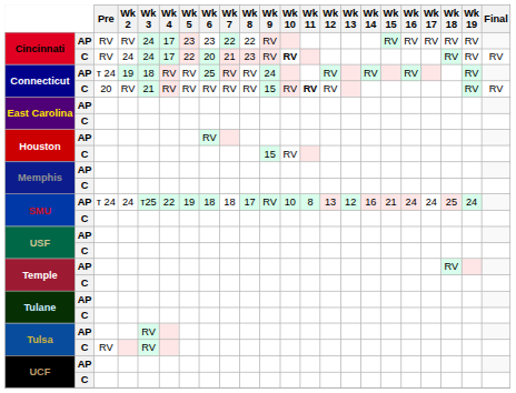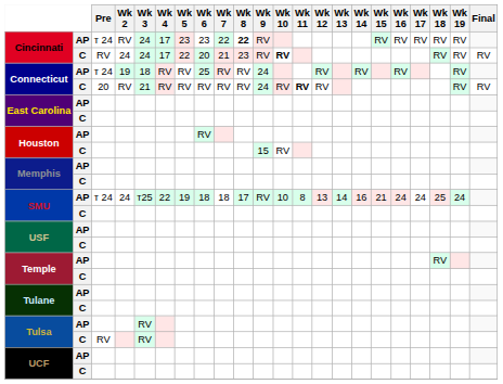 <table class="wikitable" style="white-space:nowrap;font-size:90%;">
 <tr>
 <th colspan=2 style="background:white; border-top-style:hidden; border-left-style:hidden;"> </th>
 <th>Pre</th>
 <th>Wk<br>2</th>
 <th>Wk<br>3</th>
 <th>Wk<br>4</th>
 <th>Wk<br>5</th>
 <th>Wk<br>6</th>
 <th>Wk<br>7</th>
 <th>Wk<br>8</th>
 <th>Wk<br>9</th>
 <th>Wk<br>10</th>
 <th>Wk<br>11</th>
 <th>Wk<br>12</th>
 <th>Wk<br>13</th>
 <th>Wk<br>14</th>
 <th>Wk<br>15</th>
 <th>Wk<br>16</th>
 <th>Wk<br>17</th>
 <th>Wk<br>18</th>
 <th>Wk<br>19</th>
 <th>Final</th>
 </tr>
 <tr style="text-align:center;">
 <th rowspan=2 style="background:#e00122; color:#000000;">Cincinnati</th>
 <th>AP</th>
-<td style="background:#FFF;">RV</td>
+<td style="background:#FFF;">т 24</td>
 <td style="background:#FFF;">RV</td>
 <td style="background:#D8FFEB;">24</td>
 <td style="background:#D8FFEB;">17</td>
 <td style="background:#FFE6E6;">23</td>
 <td style="background:#FFF;">23</td>
 <td style="background:#D8FFEB;">22</td>
-<td style="background:#FFF;">22</td>
+<td style="background:#FFF;"><strong>22</strong></td>
 <td style="background:#FFE6E6;">RV</td>
 <td style="background:#FFE6E6;"></td>
 <td style="background:#FFF;"></td>
 <td style="background:#FFF;"></td>
 <td style="background:#FFF;"></td>
 <td style="background:#FFF;"></td>
 <td style="background:#D8FFEB;">RV</td>
 <td style="background:#FFF;">RV</td>
 <td style="background:#FFF;">RV</td>
 <td style="background:#FFF;">RV</td>
 <td style="background:#FFF;">RV</td>
 <td style="background:#gray;"></td>
 </tr>
 <tr style="text-align:center;">
 <th>C</th>
 <td style="background:#FFF;">RV</td>
 <td style="background:#FFF;">24</td>
 <td style="background:#D8FFEB;">24</td>
 <td style="background:#D8FFEB;">17</td>
 <td style="background:#FFE6E6;">22</td>
 <td style="background:#D8FFEB;">20</td>
 <td style="background:#FFE6E6;">21</td>
 <td style="background:#FFE6E6;">23</td>
 <td style="background:#FFE6E6;">RV</td>
 <td style="background:#FFF;"><strong>RV</strong></td>
 <td style="background:#FFE6E6;"></td>
 <td style="background:#FFF;"></td>
 <td style="background:#FFF;"></td>
 <td style="background:#FFF;"></td>
 <td style="background:#FFF;"></td>
 <td style="background:#FFF;"></td>
 <td style="background:#FFF;"></td>
 <td style="background:#D8FFEB;">RV</td>
 <td style="background:#FFF;">RV</td>
 <td style="background:#FFF;">RV</td>
 </tr>
 <tr style="text-align:center;">
 <th rowspan=2 style="background:darkblue; color:#FFFFFF;">Connecticut</th>
 <th>AP</th>
 <td style="background:#FFF;">т 24</td>
 <td style="background:#D8FFEB;">19</td>
 <td style="background:#D8FFEB;">18</td>
 <td style="background:#FFE6E6;">RV</td>
 <td style="background:#FFF;">RV</td>
 <td style="background:#D8FFEB;">25</td>
 <td style="background:#FFE6E6;">RV</td>
 <td style="background:#FFF;">RV</td>
 <td style="background:#D8FFEB;">24</td>
 <td style="background:#FFE6E6;"></td>
 <td style="background:#FFF;"></td>
 <td style="background:#D8FFEB;">RV</td>
 <td style="background:#FFE6E6;"></td>
 <td style="background:#D8FFEB;">RV</td>
 <td style="background:#FFE6E6;"></td>
 <td style="background:#D8FFEB;">RV</td>
 <td style="background:#FFE6E6;"></td>
 <td style="background:#FFF;"></td>
 <td style="background:#D8FFEB;">RV</td>
 <td style="background:#gray;"></td>
 </tr>
 <tr style="text-align:center;">
 <th>C</th>
 <td style="background:#FFF;">20</td>
 <td style="background:#FFF;">RV</td>
 <td style="background:#D8FFEB;">21</td>
 <td style="background:#FFE6E6;">RV</td>
 <td style="background:#FFF;">RV</td>
 <td style="background:#FFF;">RV</td>
 <td style="background:#FFF;">RV</td>
 <td style="background:#FFF;">RV</td>
-<td style="background:#D8FFEB;">15</td>
+<td style="background:#D8FFEB;">24</td>
 <td style="background:#FFE6E6;">RV</td>
 <td style="background:#FFF;"><strong>RV</strong></td>
 <td style="background:#FFF;">RV</td>
 <td style="background:#FFE6E6;"></td>
 <td style="background:#FFF;"></td>
 <td style="background:#FFF;"></td>
 <td style="background:#FFF;"></td>
 <td style="background:#FFF;"></td>
 <td style="background:#FFF;"></td>
 <td style="background:#D8FFEB;">RV</td>
 <td style="background:#FFF;">RV</td>
 </tr>
 <tr style="text-align:center;">
 <th rowspan=2 style="background:#4F0076; color:#FFE600;">East Carolina</th>
 <th>AP</th>
 <td style="background:#FFF;"></td>
 <td style="background:#FFF;"></td>
 <td style="background:#FFF;"></td>
 <td style="background:#FFF;"></td>
 <td style="background:#FFF;"></td>
 <td style="background:#FFF;"></td>
 <td style="background:#FFF;"></td>
 <td style="background:#FFF;"></td>
 <td style="background:#FFF;"></td>
 <td style="background:#FFF;"></td>
 <td style="background:#FFF;"></td>
 <td style="background:#FFF;"></td>
 <td style="background:#FFF;"></td>
 <td style="background:#FFF;"></td>
 <td style="background:#FFF;"></td>
 <td style="background:#FFF;"></td>
 <td style="background:#FFF;"></td>
 <td style="background:#FFF;"></td>
 <td style="background:#FFF;"></td>
 <td style="background:#gray;"></td>
 </tr>
 <tr style="text-align:center;">
 <th>C</th>
 <td style="background:#FFF;"></td>
 <td style="background:#FFF;"></td>
 <td style="background:#FFF;"></td>
 <td style="background:#FFF;"></td>
 <td style="background:#FFF;"></td>
 <td style="background:#FFF;"></td>
 <td style="background:#FFF;"></td>
 <td style="background:#FFF;"></td>
 <td style="background:#FFF;"></td>
 <td style="background:#FFF;"></td>
 <td style="background:#FFF;"></td>
 <td style="background:#FFF;"></td>
 <td style="background:#FFF;"></td>
 <td style="background:#FFF;"></td>
 <td style="background:#FFF;"></td>
 <td style="background:#FFF;"></td>
 <td style="background:#FFF;"></td>
 <td style="background:#FFF;"></td>
 <td style="background:#FFF;"></td>
 <td style="background:#FFF;"></td>
 </tr>
 <tr style="text-align:center;">
 <th rowspan=2 style="background:#CC0000; color:#FFFFFF;">Houston</th>
 <th>AP</th>
 <td style="background:#FFF;"></td>
 <td style="background:#FFF;"></td>
 <td style="background:#FFF;"></td>
 <td style="background:#FFF;"></td>
 <td style="background:#FFF;"></td>
 <td style="background:#D8FFEB;">RV</td>
 <td style="background:#FFE6E6;"></td>
 <td style="background:#FFF;"></td>
 <td style="background:#FFF;"></td>
 <td style="background:#FFF;"></td>
 <td style="background:#FFF;"></td>
 <td style="background:#FFF;"></td>
 <td style="background:#FFF;"></td>
 <td style="background:#FFF;"></td>
 <td style="background:#FFF;"></td>
 <td style="background:#FFF;"></td>
 <td style="background:#FFF;"></td>
 <td style="background:#FFF;"></td>
 <td style="background:#FFF;"></td>
 <td style="background:#gray;"></td>
 </tr>
 <tr style="text-align:center;">
 <th>C</th>
 <td style="background:#FFF;"></td>
 <td style="background:#FFF;"></td>
 <td style="background:#FFF;"></td>
 <td style="background:#FFF;"></td>
 <td style="background:#FFF;"></td>
 <td style="background:#FFF;"></td>
 <td style="background:#FFF;"></td>
 <td style="background:#FFF;"></td>
 <td style="background:#D8FFEB;">15</td>
 <td style="background:#FFF;">RV</td>
 <td style="background:#FFE6E6;"></td>
 <td style="background:#FFF;"></td>
 <td style="background:#FFF;"></td>
 <td style="background:#FFF;"></td>
 <td style="background:#FFF;"></td>
 <td style="background:#FFF;"></td>
 <td style="background:#FFF;"></td>
 <td style="background:#FFF;"></td>
 <td style="background:#FFF;"></td>
 <td style="background:#FFF;"></td>
 </tr>
 <tr style="text-align:center;">
 <th rowspan=2 style="background:#0C1C8C; color:#8E9295;">Memphis</th>
 <th>AP</th>
 <td style="background:#FFF;"></td>
 <td style="background:#FFF;"></td>
 <td style="background:#FFF;"></td>
 <td style="background:#FFF;"></td>
 <td style="background:#FFF;"></td>
 <td style="background:#FFF;"></td>
 <td style="background:#FFF;"></td>
 <td style="background:#FFF;"></td>
 <td style="background:#FFF;"></td>
 <td style="background:#FFF;"></td>
 <td style="background:#FFF;"></td>
 <td style="background:#FFF;"></td>
 <td style="background:#FFF;"></td>
 <td style="background:#FFF;"></td>
 <td style="background:#FFF;"></td>
 <td style="background:#FFF;"></td>
 <td style="background:#FFF;"></td>
 <td style="background:#FFF;"></td>
 <td style="background:#FFF;"></td>
 <td style="background:#gray;"></td>
 </tr>
 <tr style="text-align:center;">
 <th>C</th>
 <td style="background:#FFF;"></td>
 <td style="background:#FFF;"></td>
 <td style="background:#FFF;"></td>
 <td style="background:#FFF;"></td>
 <td style="background:#FFF;"></td>
 <td style="background:#FFF;"></td>
 <td style="background:#FFF;"></td>
 <td style="background:#FFF;"></td>
 <td style="background:#FFF;"></td>
 <td style="background:#FFF;"></td>
 <td style="background:#FFF;"></td>
 <td style="background:#FFF;"></td>
 <td style="background:#FFF;"></td>
 <td style="background:#FFF;"></td>
 <td style="background:#FFF;"></td>
 <td style="background:#FFF;"></td>
 <td style="background:#FFF;"></td>
 <td style="background:#FFF;"></td>
 <td style="background:#FFF;"></td>
 <td style="background:#FFF;"></td>
 </tr>
 <tr style="text-align:center;">
 <th rowspan=2 style="background:#0038A8; color:#CE1126;">SMU</th>
 <th>AP</th>
 <td style="background:#FFF;">т 24</td>
 <td style="background:#FFF;">24</td>
 <td style="background:#D8FFEB;">т25</td>
 <td style="background:#D8FFEB;">22</td>
 <td style="background:#D8FFEB;">19</td>
 <td style="background:#D8FFEB;">18</td>
 <td style="background:#FFF;">18</td>
 <td style="background:#D8FFEB;">17</td>
 <td style="background:#D8FFEB;">RV</td>
 <td style="background:#D8FFEB;">10</td>
 <td style="background:#D8FFEB;">8</td>
 <td style="background:#FFE6E6;">13</td>
-<td style="background:#D8FFEB;">12</td>
+<td style="background:#D8FFEB;">14</td>
 <td style="background:#FFE6E6;">16</td>
 <td style="background:#FFE6E6;">21</td>
 <td style="background:#FFE6E6;">24</td>
 <td style="background:#FFF;">24</td>
 <td style="background:#FFE6E6;">25</td>
 <td style="background:#D8FFEB;">24</td>
 <td style="background:#gray;"></td>
 </tr>
 <tr style="text-align:center;">
 <th>C</th>
 <td style="background:#FFF;"></td>
 <td style="background:#FFF;"></td>
 <td style="background:#FFF;"></td>
 <td style="background:#FFF;"></td>
 <td style="background:#FFF;"></td>
 <td style="background:#FFF;"></td>
 <td style="background:#FFF;"></td>
 <td style="background:#FFF;"></td>
 <td style="background:#FFF;"></td>
 <td style="background:#FFF;"></td>
 <td style="background:#FFF;"></td>
 <td style="background:#FFF;"></td>
 <td style="background:#FFF;"></td>
 <td style="background:#FFF;"></td>
 <td style="background:#FFF;"></td>
 <td style="background:#FFF;"></td>
 <td style="background:#FFF;"></td>
 <td style="background:#FFF;"></td>
 <td style="background:#FFF;"></td>
 <td style="background:#FFF;"></td>
 </tr>
 <tr style="text-align:center;">
 <th rowspan=2 style="background:#006747; color:#CFC493;">USF</th>
 <th>AP</th>
 <td style="background:#FFF;"></td>
 <td style="background:#FFF;"></td>
 <td style="background:#FFF;"></td>
 <td style="background:#FFF;"></td>
 <td style="background:#FFF;"></td>
 <td style="background:#FFF;"></td>
 <td style="background:#FFF;"></td>
 <td style="background:#FFF;"></td>
 <td style="background:#FFF;"></td>
 <td style="background:#FFF;"></td>
 <td style="background:#FFF;"></td>
 <td style="background:#FFF;"></td>
 <td style="background:#FFF;"></td>
 <td style="background:#FFF;"></td>
 <td style="background:#FFF;"></td>
 <td style="background:#FFF;"></td>
 <td style="background:#FFF;"></td>
 <td style="background:#FFF;"></td>
 <td style="background:#FFF;"></td>
 <td style="background:#gray;"></td>
 </tr>
 <tr style="text-align:center;">
 <th>C</th>
 <td style="background:#FFF;"></td>
 <td style="background:#FFF;"></td>
 <td style="background:#FFF;"></td>
 <td style="background:#FFF;"></td>
 <td style="background:#FFF;"></td>
 <td style="background:#FFF;"></td>
 <td style="background:#FFF;"></td>
 <td style="background:#FFF;"></td>
 <td style="background:#FFF;"></td>
 <td style="background:#FFF;"></td>
 <td style="background:#FFF;"></td>
 <td style="background:#FFF;"></td>
 <td style="background:#FFF;"></td>
 <td style="background:#FFF;"></td>
 <td style="background:#FFF;"></td>
 <td style="background:#FFF;"></td>
 <td style="background:#FFF;"></td>
 <td style="background:#FFF;"></td>
 <td style="background:#FFF;"></td>
 <td style="background:#FFF;"></td>
 </tr>
 <tr style="text-align:center;">
 <th rowspan=2 style="background:#9d1a33; color:#FFFFFF;">Temple</th>
 <th>AP</th>
 <td style="background:#FFF;"></td>
 <td style="background:#FFF;"></td>
 <td style="background:#FFF;"></td>
 <td style="background:#FFF;"></td>
 <td style="background:#FFF;"></td>
 <td style="background:#FFF;"></td>
 <td style="background:#FFF;"></td>
 <td style="background:#FFF;"></td>
 <td style="background:#FFF;"></td>
 <td style="background:#FFF;"></td>
 <td style="background:#FFF;"></td>
 <td style="background:#FFF;"></td>
 <td style="background:#FFF;"></td>
 <td style="background:#FFF;"></td>
 <td style="background:#FFF;"></td>
 <td style="background:#FFF;"></td>
 <td style="background:#FFF;"></td>
 <td style="background:#D8FFEB;">RV</td>
 <td style="background:#FFE6E6;"></td>
 <td style="background:#gray;"></td>
 </tr>
 <tr style="text-align:center;">
 <th>C</th>
 <td style="background:#FFF;"></td>
 <td style="background:#FFF;"></td>
 <td style="background:#FFF;"></td>
 <td style="background:#FFF;"></td>
 <td style="background:#FFF;"></td>
 <td style="background:#FFF;"></td>
 <td style="background:#FFF;"></td>
 <td style="background:#FFF;"></td>
 <td style="background:#FFF;"></td>
 <td style="background:#FFF;"></td>
 <td style="background:#FFF;"></td>
 <td style="background:#FFF;"></td>
 <td style="background:#FFF;"></td>
 <td style="background:#FFF;"></td>
 <td style="background:#FFF;"></td>
 <td style="background:#FFF;"></td>
 <td style="background:#FFF;"></td>
 <td style="background:#FFF;"></td>
 <td style="background:#FFF;"></td>
 <td style="background:#FFF;"></td>
 </tr>
 <tr style="text-align:center;">
 <th rowspan=2 style="background:#063003; color:#CCEEFF;">Tulane</th>
 <th>AP</th>
 <td style="background:#FFF;"></td>
 <td style="background:#FFF;"></td>
 <td style="background:#FFF;"></td>
 <td style="background:#FFF;"></td>
 <td style="background:#FFF;"></td>
 <td style="background:#FFF;"></td>
 <td style="background:#FFF;"></td>
 <td style="background:#FFF;"></td>
 <td style="background:#FFF;"></td>
 <td style="background:#FFF;"></td>
 <td style="background:#FFF;"></td>
 <td style="background:#FFF;"></td>
 <td style="background:#FFF;"></td>
 <td style="background:#FFF;"></td>
 <td style="background:#FFF;"></td>
 <td style="background:#FFF;"></td>
 <td style="background:#FFF;"></td>
 <td style="background:#FFF;"></td>
 <td style="background:#FFF;"></td>
 <td style="background:#gray;"></td>
 </tr>
 <tr style="text-align:center;">
 <th>C</th>
 <td style="background:#FFF;"></td>
 <td style="background:#FFF;"></td>
 <td style="background:#FFF;"></td>
 <td style="background:#FFF;"></td>
 <td style="background:#FFF;"></td>
 <td style="background:#FFF;"></td>
 <td style="background:#FFF;"></td>
 <td style="background:#FFF;"></td>
 <td style="background:#FFF;"></td>
 <td style="background:#FFF;"></td>
 <td style="background:#FFF;"></td>
 <td style="background:#FFF;"></td>
 <td style="background:#FFF;"></td>
 <td style="background:#FFF;"></td>
 <td style="background:#FFF;"></td>
 <td style="background:#FFF;"></td>
 <td style="background:#FFF;"></td>
 <td style="background:#FFF;"></td>
 <td style="background:#FFF;"></td>
 <td style="background:#FFF;"></td>
 </tr>
 <tr style="text-align:center;">
 <th rowspan=2 style="background:#084c9e; color:#CFB53B;">Tulsa</th>
 <th>AP</th>
 <td style="background:#FFF;"></td>
 <td style="background:#FFF;"></td>
 <td style="background:#D8FFEB;">RV</td>
 <td style="background:#FFE6E6;"></td>
 <td style="background:#FFF;"></td>
 <td style="background:#FFF;"></td>
 <td style="background:#FFF;"></td>
 <td style="background:#FFF;"></td>
 <td style="background:#FFF;"></td>
 <td style="background:#FFF;"></td>
 <td style="background:#FFF;"></td>
 <td style="background:#FFF;"></td>
 <td style="background:#FFF;"></td>
 <td style="background:#FFF;"></td>
 <td style="background:#FFF;"></td>
 <td style="background:#FFF;"></td>
 <td style="background:#FFF;"></td>
 <td style="background:#FFF;"></td>
 <td style="background:#FFF;"></td>
 <td style="background:#gray;"></td>
 </tr>
 <tr style="text-align:center;">
 <th>C</th>
 <td style="background:#FFF;">RV</td>
 <td style="background:#FFE6E6;"></td>
 <td style="background:#D8FFEB;">RV</td>
 <td style="background:#FFE6E6;"></td>
 <td style="background:#FFF;"></td>
 <td style="background:#FFF;"></td>
 <td style="background:#FFF;"></td>
 <td style="background:#FFF;"></td>
 <td style="background:#FFF;"></td>
 <td style="background:#FFF;"></td>
 <td style="background:#FFF;"></td>
 <td style="background:#FFF;"></td>
 <td style="background:#FFF;"></td>
 <td style="background:#FFF;"></td>
 <td style="background:#FFF;"></td>
 <td style="background:#FFF;"></td>
 <td style="background:#FFF;"></td>
 <td style="background:#FFF;"></td>
 <td style="background:#FFF;"></td>
 <td style="background:#FFF;"></td>
 </tr>
 <tr style="text-align:center;">
 <th rowspan=2 style="background:#000000; color:#BC9B6A;">UCF</th>
 <th>AP</th>
 <td style="background:#FFF;"></td>
 <td style="background:#FFF;"></td>
 <td style="background:#FFF;"></td>
 <td style="background:#FFF;"></td>
 <td style="background:#FFF;"></td>
 <td style="background:#FFF;"></td>
 <td style="background:#FFF;"></td>
 <td style="background:#FFF;"></td>
 <td style="background:#FFF;"></td>
 <td style="background:#FFF;"></td>
 <td style="background:#FFF;"></td>
 <td style="background:#FFF;"></td>
 <td style="background:#FFF;"></td>
 <td style="background:#FFF;"></td>
 <td style="background:#FFF;"></td>
 <td style="background:#FFF;"></td>
 <td style="background:#FFF;"></td>
 <td style="background:#FFF;"></td>
 <td style="background:#FFF;"></td>
 <td style="background:#gray;"></td>
 </tr>
 <tr style="text-align:center;">
 <th>C</th>
 <td style="background:#FFF;"></td>
 <td style="background:#FFF;"></td>
 <td style="background:#FFF;"></td>
 <td style="background:#FFF;"></td>
 <td style="background:#FFF;"></td>
 <td style="background:#FFF;"></td>
 <td style="background:#FFF;"></td>
 <td style="background:#FFF;"></td>
 <td style="background:#FFF;"></td>
 <td style="background:#FFF;"></td>
 <td style="background:#FFF;"></td>
 <td style="background:#FFF;"></td>
 <td style="background:#FFF;"></td>
 <td style="background:#FFF;"></td>
 <td style="background:#FFF;"></td>
 <td style="background:#FFF;"></td>
 <td style="background:#FFF;"></td>
 <td style="background:#FFF;"></td>
 <td style="background:#FFF;"></td>
 <td style="background:#FFF;"></td>
 </tr>
 <tr style="text-align:center;">
 </tr>
 </table>
